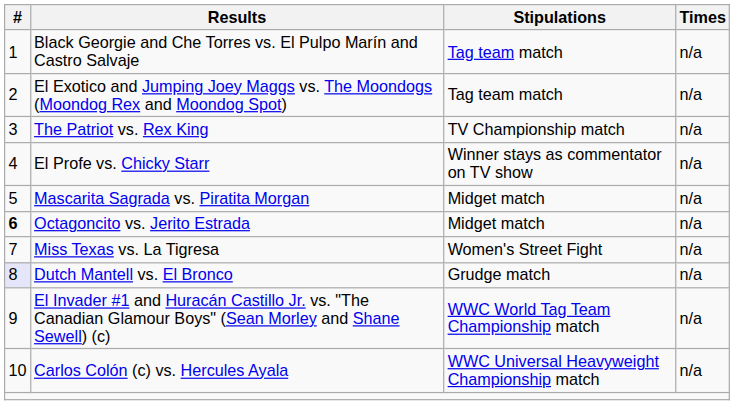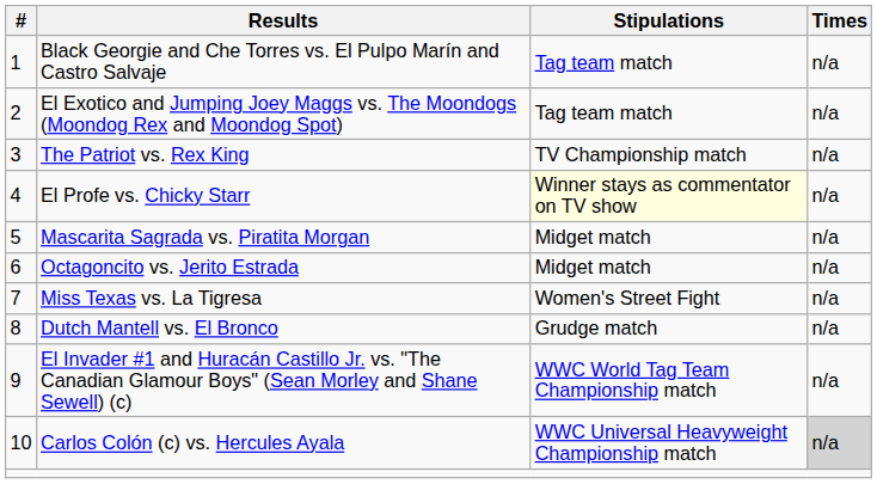 <table style="font-size: 85%" class="wikitable sortable">
 <tr>
 <th><strong>#</strong></th>
 <th><strong>Results</strong></th>
 <th><strong>Stipulations</strong></th>
 <th><strong>Times</strong></th>
 </tr>
 <tr>
 <td>1</td>
 <td>Black Georgie and Che Torres vs. El Pulpo Marín and Castro Salvaje</td>
 <td><a href='#'>Tag team</a> match</td>
 <td>n/a</td>
 </tr>
 <tr>
 <td>2</td>
 <td>El Exotico and <a href='#'>Jumping Joey Maggs</a> vs. <a href='#'>The Moondogs</a> (<a href='#'>Moondog Rex</a> and <a href='#'>Moondog Spot</a>)</td>
 <td>Tag team match</td>
 <td>n/a</td>
 </tr>
 <tr>
 <td>3</td>
 <td><a href='#'>The Patriot</a> vs. <a href='#'>Rex King</a></td>
 <td>TV Championship match</td>
 <td>n/a</td>
 </tr>
 <tr>
 <td>4</td>
 <td>El Profe vs. <a href='#'>Chicky Starr</a></td>
-<td>Winner stays as commentator on TV show</td>
+<td style="background: lightyellow;">Winner stays as commentator on TV show</td>
 <td>n/a</td>
 </tr>
 <tr>
 <td>5</td>
 <td><a href='#'>Mascarita Sagrada</a> vs. <a href='#'>Piratita Morgan</a></td>
 <td>Midget match</td>
 <td>n/a</td>
 </tr>
 <tr>
-<td><strong>6</strong></td>
+<td>6</td>
 <td><a href='#'>Octagoncito</a> vs. <a href='#'>Jerito Estrada</a></td>
 <td>Midget match</td>
 <td>n/a</td>
 </tr>
 <tr>
 <td>7</td>
 <td><a href='#'>Miss Texas</a> vs. La Tigresa</td>
 <td>Women's Street Fight</td>
 <td>n/a</td>
 </tr>
 <tr>
-<td style="background: lavender;">8</td>
+<td>8</td>
 <td><a href='#'>Dutch Mantell</a> vs. <a href='#'>El Bronco</a></td>
 <td>Grudge match</td>
 <td>n/a</td>
 </tr>
 <tr>
 <td>9</td>
 <td><a href='#'>El Invader #1</a> and <a href='#'>Huracán Castillo Jr.</a> vs. "The Canadian Glamour Boys" (<a href='#'>Sean Morley</a> and <a href='#'>Shane Sewell</a>) (c)</td>
 <td><a href='#'>WWC World Tag Team Championship</a> match</td>
 <td>n/a</td>
 </tr>
 <tr>
 <td>10</td>
 <td><a href='#'>Carlos Colón</a> (c) vs. <a href='#'>Hercules Ayala</a></td>
 <td><a href='#'>WWC Universal Heavyweight Championship</a> match</td>
-<td>n/a</td>
+<td style="background: lightgrey;">n/a</td>
 </tr>
 <tr>
 <td colspan=4></td>
 </tr>
 </table>
